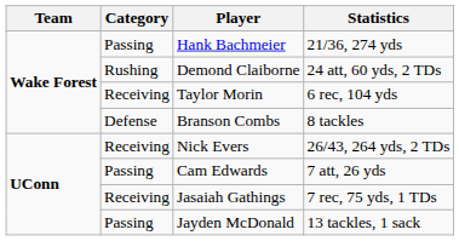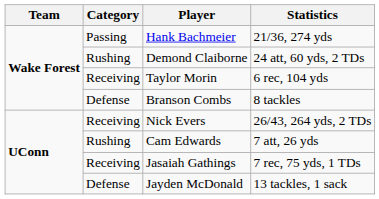 <table class="wikitable" style="float: right;">
 <tr>
 <th>Team</th>
 <th>Category</th>
 <th>Player</th>
 <th>Statistics</th>
 </tr>
 <tr>
 <td rowspan=4><strong>Wake Forest</strong></td>
 <td>Passing</td>
 <td><a href='#'>Hank Bachmeier</a></td>
 <td>21/36, 274 yds</td>
 </tr>
 <tr>
 <td>Rushing</td>
 <td>Demond Claiborne</td>
 <td>24 att, 60 yds, 2 TDs</td>
 </tr>
 <tr>
 <td>Receiving</td>
 <td>Taylor Morin</td>
 <td>6 rec, 104 yds</td>
 </tr>
 <tr>
 <td>Defense</td>
 <td>Branson Combs</td>
 <td>8 tackles</td>
 </tr>
 <tr>
 <td rowspan=4><strong>UConn</strong></td>
 <td>Receiving</td>
 <td>Nick Evers</td>
 <td>26/43, 264 yds, 2 TDs</td>
 </tr>
 <tr>
-<td>Passing</td>
+<td>Rushing</td>
 <td>Cam Edwards</td>
 <td>7 att, 26 yds</td>
 </tr>
 <tr>
 <td>Receiving</td>
 <td>Jasaiah Gathings</td>
 <td>7 rec, 75 yds, 1 TDs</td>
 </tr>
 <tr>
-<td>Passing</td>
+<td>Defense</td>
 <td>Jayden McDonald</td>
 <td>13 tackles, 1 sack</td>
 </tr>
 </table>
